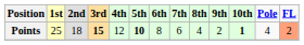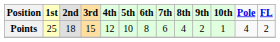 <table class="wikitable" style="font-size:85%; text-align:center">
 <tr>
 <th>Position</th>
 <td style="background:#ffffbf;"><strong>1st</strong></td>
 <td style="background:#dfdfdf;"><strong>2nd</strong></td>
 <td style="background:#ffdf9f;"><strong>3rd</strong></td>
 <td style="background:#dfffdf;"><strong>4th</strong></td>
 <td style="background:#dfffdf;"><strong>5th</strong></td>
 <td style="background:#dfffdf;"><strong>6th</strong></td>
 <td style="background:#dfffdf;"><strong>7th</strong></td>
 <td style="background:#dfffdf;"><strong>8th</strong></td>
 <td style="background:#dfffdf;"><strong>9th</strong></td>
 <td style="background:#dfffdf;"><strong>10th</strong></td>
 <td><strong><a href='#'>Pole</a></strong></td>
 <td><strong><a href='#'>FL</a></strong></td>
 </tr>
 <tr>
 <th>Points</th>
 <td style="background:#ffffbf;">25</td>
 <td style="background:#dfdfdf;">18</td>
-<td style="background:#ffdf9f;"><strong>15</strong></td>
+<td style="background:#ffdf9f;">15</td>
 <td style="background:#dfffdf;">12</td>
-<td style="background:#dfffdf;"><strong>10</strong></td>
+<td style="background:#dfffdf;">10</td>
 <td style="background:#dfffdf;">8</td>
 <td style="background:#dfffdf;">6</td>
 <td style="background:#dfffdf;">4</td>
 <td style="background:#dfffdf;">2</td>
-<td style="background:#dfffdf;"><strong>1</strong></td>
+<td style="background:#dfffdf;">1</td>
 <td>4</td>
-<td style="background: lightsalmon;">2</td>
+<td>2</td>
 </tr>
 <tr>
 </tr>
 </table>
